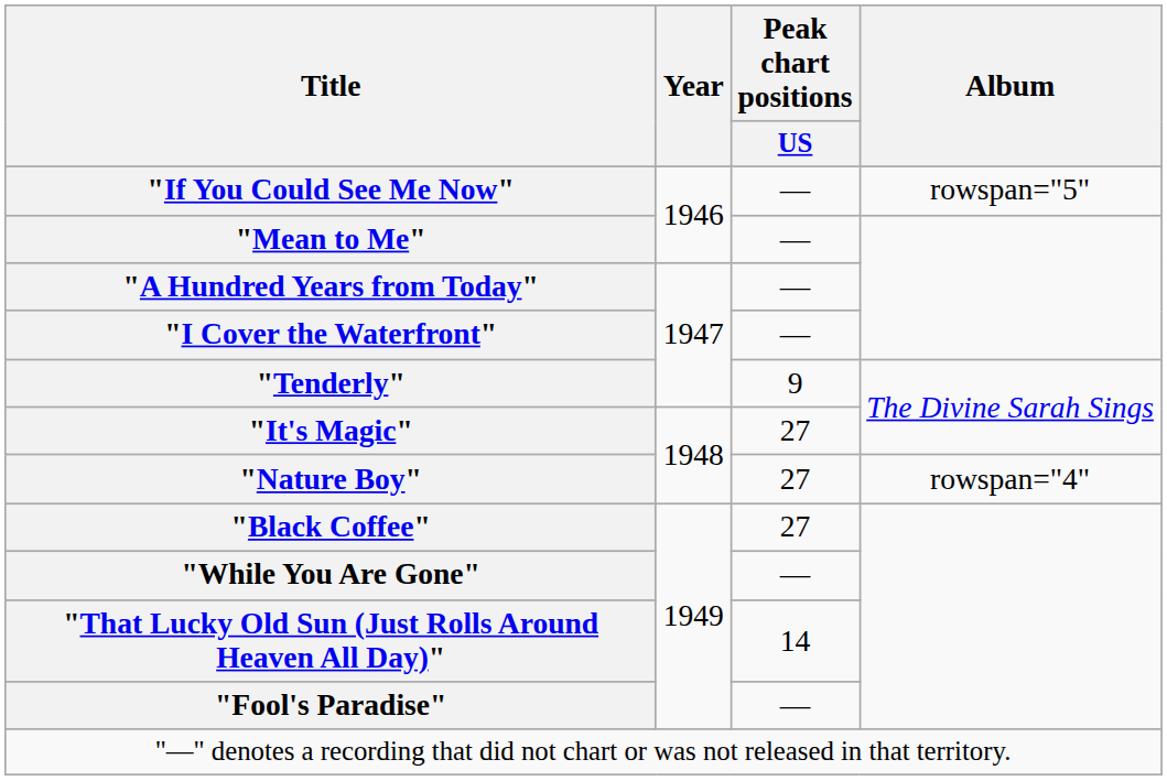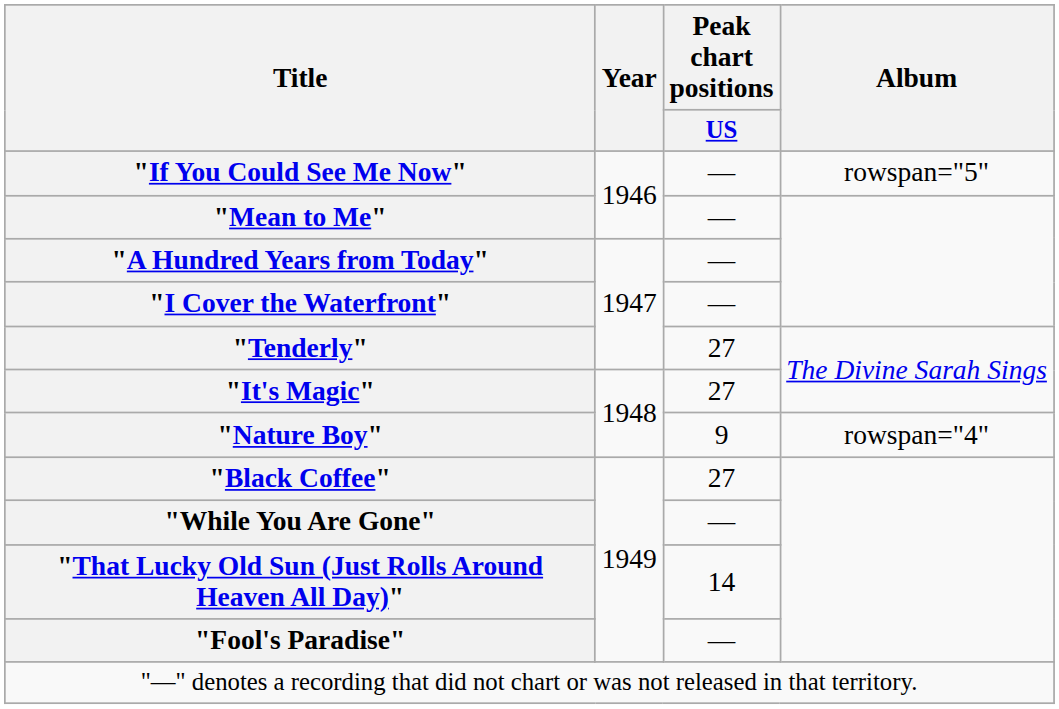 <table class="wikitable plainrowheaders" style="text-align:center;">
 <tr>
 <th scope="col" rowspan="2" style="width:21em;">Title</th>
 <th scope="col" rowspan="2">Year</th>
 <th scope="col" colspan="1">Peak chart positions</th>
 <th scope="col" rowspan="2">Album</th>
 </tr>
 <tr>
 <th scope="col" style="width:3em;font-size:90%;"><a href='#'>US</a><br></th>
 </tr>
 <tr>
 <th scope="row">"<a href='#'>If You Could See Me Now</a>"</th>
 <td rowspan="2">1946</td>
 <td>—</td>
 <td>rowspan="5" </td>
 </tr>
 <tr>
 <th scope="row">"<a href='#'>Mean to Me</a>"</th>
 <td>—</td>
 </tr>
 <tr>
 <th scope="row">"<a href='#'>A Hundred Years from Today</a>"</th>
 <td rowspan="3">1947</td>
 <td>—</td>
 </tr>
 <tr>
 <th scope="row">"<a href='#'>I Cover the Waterfront</a>"</th>
 <td>—</td>
 </tr>
 <tr>
 <th scope="row">"<a href='#'>Tenderly</a>"</th>
-<td>9</td>
+<td>27</td>
 <td rowspan="2"><em><a href='#'>The Divine Sarah Sings</a></em></td>
 </tr>
 <tr>
 <th scope="row">"<a href='#'>It's Magic</a>"</th>
 <td rowspan="2">1948</td>
 <td>27</td>
 </tr>
 <tr>
 <th scope="row">"<a href='#'>Nature Boy</a>"</th>
-<td>27</td>
+<td>9</td>
 <td>rowspan="4" </td>
 </tr>
 <tr>
 <th scope="row">"<a href='#'>Black Coffee</a>"</th>
 <td rowspan="4">1949</td>
 <td>27</td>
 </tr>
 <tr>
 <th scope="row">"While You Are Gone"</th>
 <td>—</td>
 </tr>
 <tr>
 <th scope="row">"<a href='#'>That Lucky Old Sun (Just Rolls Around<br>Heaven All Day)</a>"</th>
 <td>14</td>
 </tr>
 <tr>
 <th scope="row">"Fool's Paradise"</th>
 <td>—</td>
 </tr>
 <tr>
 <td colspan="4" style="font-size:90%">"—" denotes a recording that did not chart or was not released in that territory.</td>
 </tr>
 </table>
